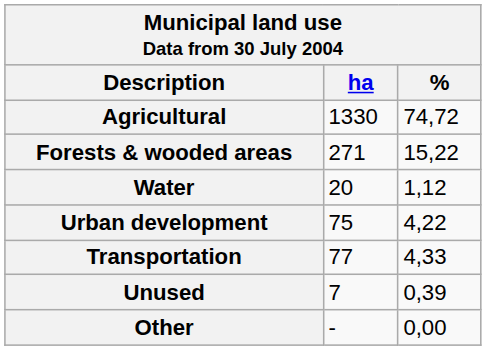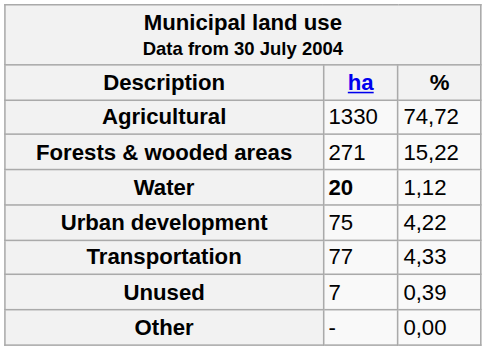 <table class="wikitable" style="font-size: 90%; float: right; clear: right; margin: 0 0 1em 1em; width: 310px;">
 <tr>
 <th colspan="6">Municipal land use<br><small>Data from 30 July 2004</small></th>
 </tr>
 <tr>
 <th width="200px">Description</th>
 <th><a href='#'>ha</a></th>
 <th>%</th>
 </tr>
 <tr>
 <th>Agricultural</th>
 <td>1330</td>
 <td>74,72</td>
 </tr>
 <tr>
 <th>Forests & wooded areas</th>
 <td>271</td>
 <td>15,22</td>
 </tr>
 <tr>
 <th>Water</th>
-<td>20</td>
+<td><strong>20</strong></td>
 <td>1,12</td>
 </tr>
 <tr>
 <th>Urban development</th>
 <td>75</td>
 <td>4,22</td>
 </tr>
 <tr>
 <th>Transportation</th>
 <td>77</td>
 <td>4,33</td>
 </tr>
 <tr>
 <th>Unused</th>
 <td>7</td>
 <td>0,39</td>
 </tr>
 <tr>
 <th>Other</th>
 <td>-</td>
 <td>0,00</td>
 </tr>
 </table>
